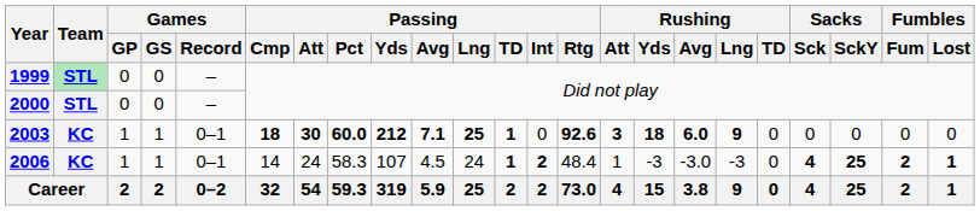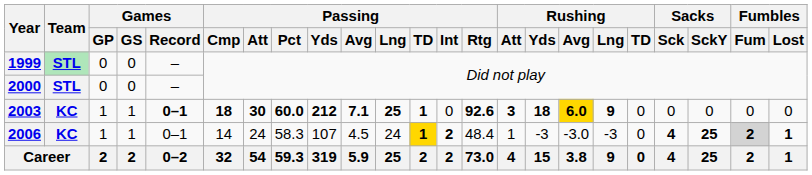 <table class=wikitable style="text-align:center;">
 <tr>
 <th rowspan="2">Year</th>
 <th rowspan="2">Team</th>
 <th colspan="3">Games</th>
 <th colspan="9">Passing</th>
 <th colspan="5">Rushing</th>
 <th colspan="2">Sacks</th>
 <th colspan="2">Fumbles</th>
 </tr>
 <tr>
 <th>GP</th>
 <th>GS</th>
 <th>Record</th>
 <th>Cmp</th>
 <th>Att</th>
 <th>Pct</th>
 <th>Yds</th>
 <th>Avg</th>
 <th>Lng</th>
 <th>TD</th>
 <th>Int</th>
 <th>Rtg</th>
 <th>Att</th>
 <th>Yds</th>
 <th>Avg</th>
 <th>Lng</th>
 <th>TD</th>
 <th>Sck</th>
 <th>SckY</th>
 <th>Fum</th>
 <th>Lost</th>
 </tr>
 <tr>
 <th><a href='#'>1999</a></th>
 <th style="background:#afe6ba;"><a href='#'>STL</a></th>
 <td>0</td>
 <td>0</td>
 <td>–</td>
 <td rowspan="2" colspan="19"><em>Did not play</em></td>
 </tr>
 <tr>
 <th><a href='#'>2000</a></th>
 <th><a href='#'>STL</a></th>
 <td>0</td>
 <td>0</td>
 <td>–</td>
 </tr>
 <tr>
 <th><a href='#'>2003</a></th>
 <th><a href='#'>KC</a></th>
 <td>1</td>
 <td>1</td>
-<td>0–1</td>
+<td><strong>0–1</strong></td>
 <td><strong>18</strong></td>
 <td><strong>30</strong></td>
 <td><strong>60.0</strong></td>
 <td><strong>212</strong></td>
 <td><strong>7.1</strong></td>
 <td><strong>25</strong></td>
 <td><strong>1</strong></td>
 <td>0</td>
 <td><strong>92.6</strong></td>
 <td><strong>3</strong></td>
 <td><strong>18</strong></td>
-<td><strong>6.0</strong></td>
+<td style="background: gold;"><strong>6.0</strong></td>
 <td><strong>9</strong></td>
 <td>0</td>
 <td>0</td>
 <td>0</td>
 <td>0</td>
 <td>0</td>
 </tr>
 <tr>
 <th><a href='#'>2006</a></th>
 <th><a href='#'>KC</a></th>
 <td>1</td>
 <td>1</td>
 <td>0–1</td>
 <td>14</td>
 <td>24</td>
 <td>58.3</td>
 <td>107</td>
 <td>4.5</td>
 <td>24</td>
-<td><strong>1</strong></td>
+<td style="background: gold;"><strong>1</strong></td>
 <td><strong>2</strong></td>
 <td>48.4</td>
 <td>1</td>
 <td>-3</td>
 <td>-3.0</td>
 <td>-3</td>
 <td>0</td>
 <td><strong>4</strong></td>
 <td><strong>25</strong></td>
-<td><strong>2</strong></td>
+<td style="background: lightgrey;"><strong>2</strong></td>
 <td><strong>1</strong></td>
 </tr>
 <tr>
 <th colspan="2">Career</th>
 <th>2</th>
 <th>2</th>
 <th>0–2</th>
 <th>32</th>
 <th>54</th>
 <th>59.3</th>
 <th>319</th>
 <th>5.9</th>
 <th>25</th>
 <th>2</th>
 <th>2</th>
 <th>73.0</th>
 <th>4</th>
 <th>15</th>
 <th>3.8</th>
 <th>9</th>
 <th>0</th>
 <th>4</th>
 <th>25</th>
 <th>2</th>
 <th>1</th>
 </tr>
 </table>
